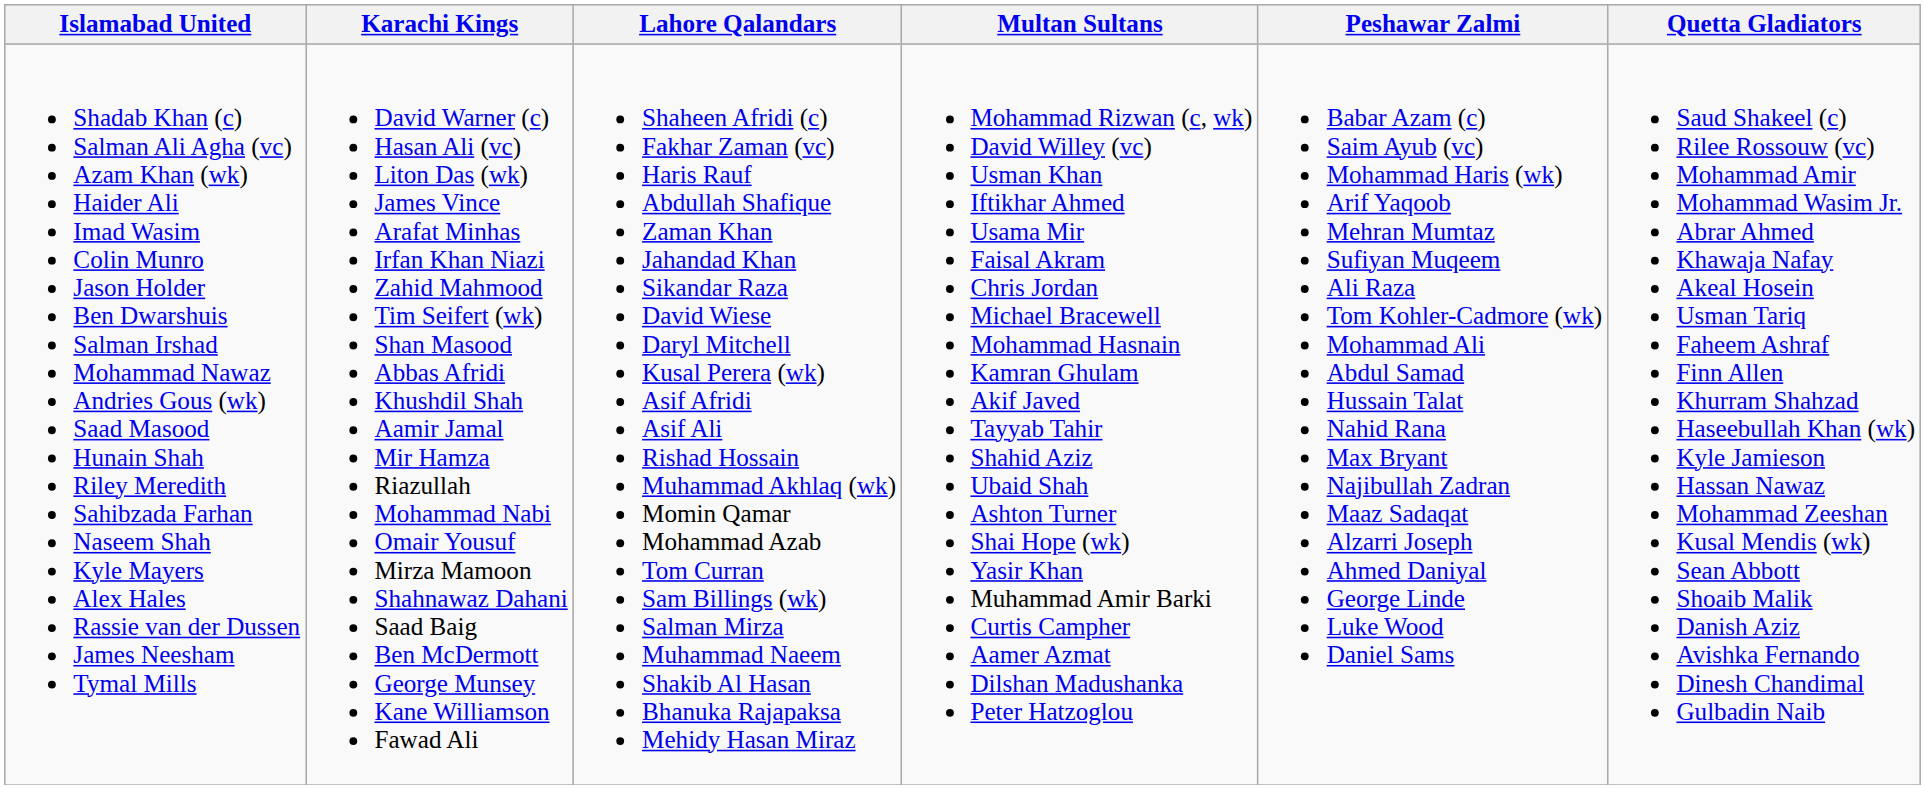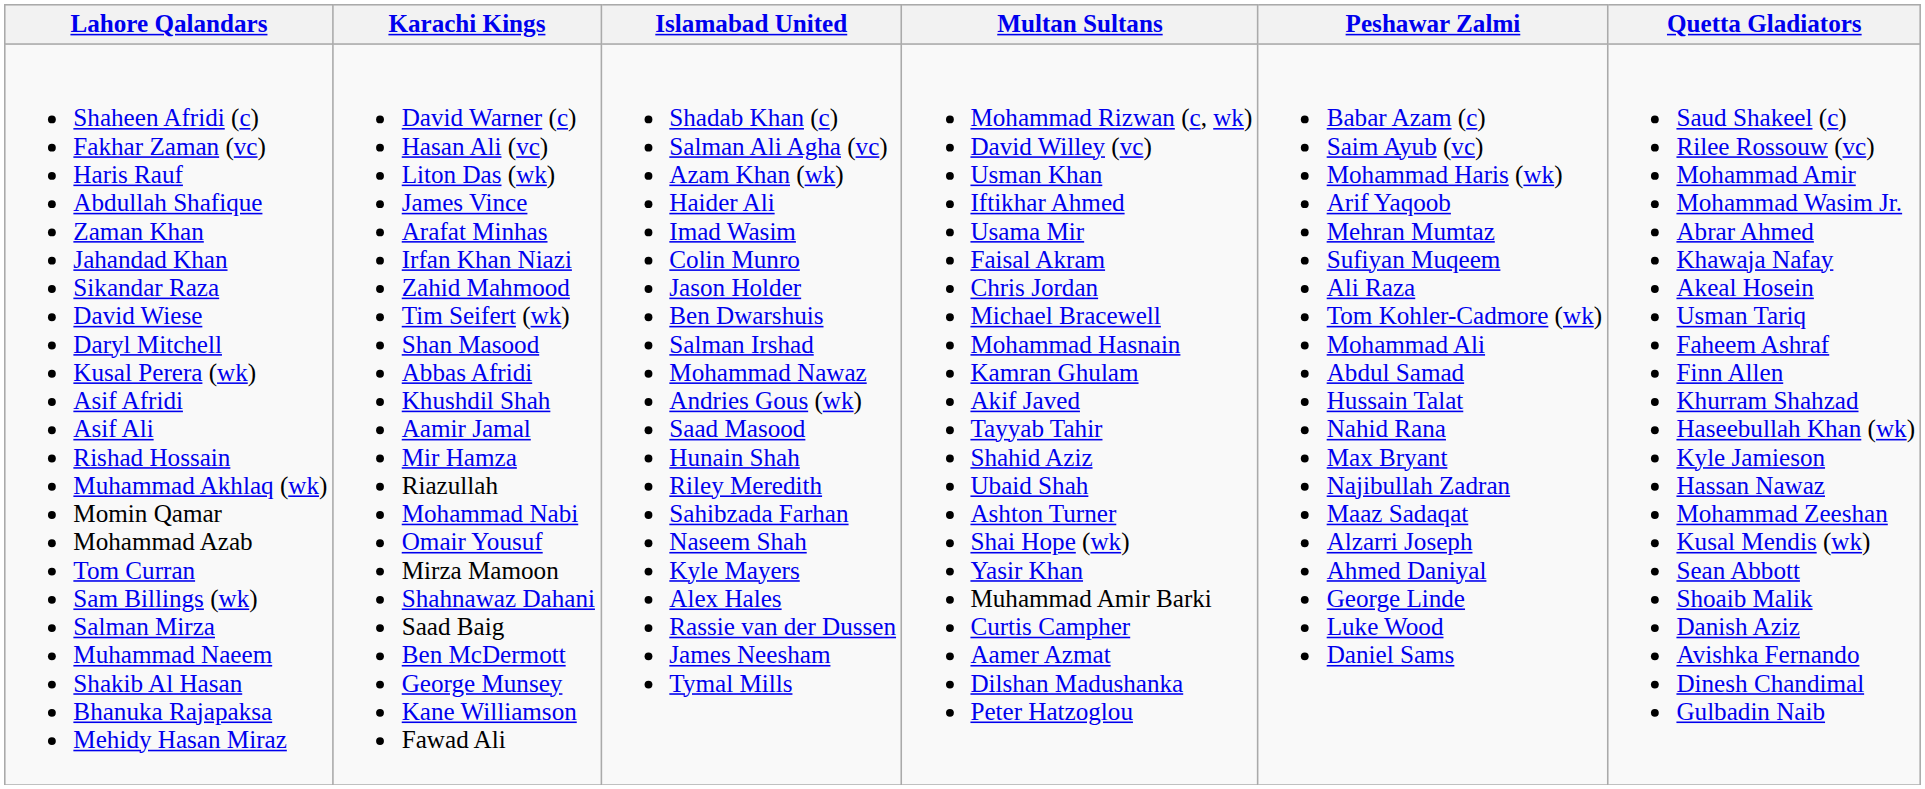 <table class="wikitable">
 <tr>
+<th><a href='#'>Lahore Qalandars</a></th>
+<th><a href='#'>Karachi Kings</a></th>
 <th><a href='#'>Islamabad United</a></th>
-<th><a href='#'>Karachi Kings</a></th>
-<th><a href='#'>Lahore Qalandars</a></th>
 <th><a href='#'>Multan Sultans</a></th>
 <th><a href='#'>Peshawar Zalmi</a></th>
 <th><a href='#'>Quetta Gladiators</a></th>
 </tr>
 <tr>
+<td valign=top><br><ul><li><a href='#'>Shaheen Afridi</a> (<a href='#'>c</a>)</li><li><a href='#'>Fakhar Zaman</a> (<a href='#'>vc</a>)</li><li><a href='#'>Haris Rauf</a></li><li><a href='#'>Abdullah Shafique</a></li><li><a href='#'>Zaman Khan</a></li><li><a href='#'>Jahandad Khan</a></li><li><a href='#'>Sikandar Raza</a></li><li><a href='#'>David Wiese</a></li><li><a href='#'>Daryl Mitchell</a></li><li><a href='#'>Kusal Perera</a> (<a href='#'>wk</a>)</li><li><a href='#'>Asif Afridi</a></li><li><a href='#'>Asif Ali</a></li><li><a href='#'>Rishad Hossain</a></li><li><a href='#'>Muhammad Akhlaq</a> (<a href='#'>wk</a>)</li><li>Momin Qamar</li><li>Mohammad Azab</li><li><a href='#'>Tom Curran</a></li><li><a href='#'>Sam Billings</a> (<a href='#'>wk</a>)</li><li><a href='#'>Salman Mirza</a></li><li><a href='#'>Muhammad Naeem</a></li><li><a href='#'>Shakib Al Hasan</a></li><li><a href='#'>Bhanuka Rajapaksa</a></li><li><a href='#'>Mehidy Hasan Miraz</a></li></ul></td>
+<td valign=top><br><ul><li><a href='#'>David Warner</a> (<a href='#'>c</a>)</li><li><a href='#'>Hasan Ali</a> (<a href='#'>vc</a>)</li><li><a href='#'>Liton Das</a> (<a href='#'>wk</a>)</li><li><a href='#'>James Vince</a></li><li><a href='#'>Arafat Minhas</a></li><li><a href='#'>Irfan Khan Niazi</a></li><li><a href='#'>Zahid Mahmood</a></li><li><a href='#'>Tim Seifert</a> (<a href='#'>wk</a>)</li><li><a href='#'>Shan Masood</a></li><li><a href='#'>Abbas Afridi</a></li><li><a href='#'>Khushdil Shah</a></li><li><a href='#'>Aamir Jamal</a></li><li><a href='#'>Mir Hamza</a></li><li>Riazullah</li><li><a href='#'>Mohammad Nabi</a></li><li><a href='#'>Omair Yousuf</a></li><li>Mirza Mamoon</li><li><a href='#'>Shahnawaz Dahani</a></li><li>Saad Baig</li><li><a href='#'>Ben McDermott</a></li><li><a href='#'>George Munsey</a></li><li><a href='#'>Kane Williamson</a></li><li>Fawad Ali</li></ul></td>
 <td valign=top><br><ul><li><a href='#'>Shadab Khan</a> (<a href='#'>c</a>)</li><li><a href='#'>Salman Ali Agha</a> (<a href='#'>vc</a>)</li><li><a href='#'>Azam Khan</a> (<a href='#'>wk</a>)</li><li><a href='#'>Haider Ali</a></li><li><a href='#'>Imad Wasim</a></li><li><a href='#'>Colin Munro</a></li><li><a href='#'>Jason Holder</a></li><li><a href='#'>Ben Dwarshuis</a></li><li><a href='#'>Salman Irshad</a></li><li><a href='#'>Mohammad Nawaz</a></li><li><a href='#'>Andries Gous</a> (<a href='#'>wk</a>)</li><li><a href='#'>Saad Masood</a></li><li><a href='#'>Hunain Shah</a></li><li><a href='#'>Riley Meredith</a></li><li><a href='#'>Sahibzada Farhan</a></li><li><a href='#'>Naseem Shah</a></li><li><a href='#'>Kyle Mayers</a></li><li><a href='#'>Alex Hales</a></li><li><a href='#'>Rassie van der Dussen</a></li><li><a href='#'>James Neesham</a></li><li><a href='#'>Tymal Mills</a></li></ul></td>
-<td valign=top><br><ul><li><a href='#'>David Warner</a> (<a href='#'>c</a>)</li><li><a href='#'>Hasan Ali</a> (<a href='#'>vc</a>)</li><li><a href='#'>Liton Das</a> (<a href='#'>wk</a>)</li><li><a href='#'>James Vince</a></li><li><a href='#'>Arafat Minhas</a></li><li><a href='#'>Irfan Khan Niazi</a></li><li><a href='#'>Zahid Mahmood</a></li><li><a href='#'>Tim Seifert</a> (<a href='#'>wk</a>)</li><li><a href='#'>Shan Masood</a></li><li><a href='#'>Abbas Afridi</a></li><li><a href='#'>Khushdil Shah</a></li><li><a href='#'>Aamir Jamal</a></li><li><a href='#'>Mir Hamza</a></li><li>Riazullah</li><li><a href='#'>Mohammad Nabi</a></li><li><a href='#'>Omair Yousuf</a></li><li>Mirza Mamoon</li><li><a href='#'>Shahnawaz Dahani</a></li><li>Saad Baig</li><li><a href='#'>Ben McDermott</a></li><li><a href='#'>George Munsey</a></li><li><a href='#'>Kane Williamson</a></li><li>Fawad Ali</li></ul></td>
-<td valign=top><br><ul><li><a href='#'>Shaheen Afridi</a> (<a href='#'>c</a>)</li><li><a href='#'>Fakhar Zaman</a> (<a href='#'>vc</a>)</li><li><a href='#'>Haris Rauf</a></li><li><a href='#'>Abdullah Shafique</a></li><li><a href='#'>Zaman Khan</a></li><li><a href='#'>Jahandad Khan</a></li><li><a href='#'>Sikandar Raza</a></li><li><a href='#'>David Wiese</a></li><li><a href='#'>Daryl Mitchell</a></li><li><a href='#'>Kusal Perera</a> (<a href='#'>wk</a>)</li><li><a href='#'>Asif Afridi</a></li><li><a href='#'>Asif Ali</a></li><li><a href='#'>Rishad Hossain</a></li><li><a href='#'>Muhammad Akhlaq</a> (<a href='#'>wk</a>)</li><li>Momin Qamar</li><li>Mohammad Azab</li><li><a href='#'>Tom Curran</a></li><li><a href='#'>Sam Billings</a> (<a href='#'>wk</a>)</li><li><a href='#'>Salman Mirza</a></li><li><a href='#'>Muhammad Naeem</a></li><li><a href='#'>Shakib Al Hasan</a></li><li><a href='#'>Bhanuka Rajapaksa</a></li><li><a href='#'>Mehidy Hasan Miraz</a></li></ul></td>
 <td valign=top><br><ul><li><a href='#'>Mohammad Rizwan</a> (<a href='#'>c</a>, <a href='#'>wk</a>)</li><li><a href='#'>David Willey</a> (<a href='#'>vc</a>)</li><li><a href='#'>Usman Khan</a></li><li><a href='#'>Iftikhar Ahmed</a></li><li><a href='#'>Usama Mir</a></li><li><a href='#'>Faisal Akram</a></li><li><a href='#'>Chris Jordan</a></li><li><a href='#'>Michael Bracewell</a></li><li><a href='#'>Mohammad Hasnain</a></li><li><a href='#'>Kamran Ghulam</a></li><li><a href='#'>Akif Javed</a></li><li><a href='#'>Tayyab Tahir</a></li><li><a href='#'>Shahid Aziz</a></li><li><a href='#'>Ubaid Shah</a></li><li><a href='#'>Ashton Turner</a></li><li><a href='#'>Shai Hope</a> (<a href='#'>wk</a>)</li><li><a href='#'>Yasir Khan</a></li><li>Muhammad Amir Barki</li><li><a href='#'>Curtis Campher</a></li><li><a href='#'>Aamer Azmat</a></li><li><a href='#'>Dilshan Madushanka</a></li><li><a href='#'>Peter Hatzoglou</a></li></ul></td>
 <td valign=top><br><ul><li><a href='#'>Babar Azam</a> (<a href='#'>c</a>)</li><li><a href='#'>Saim Ayub</a> (<a href='#'>vc</a>)</li><li><a href='#'>Mohammad Haris</a> (<a href='#'>wk</a>)</li><li><a href='#'>Arif Yaqoob</a></li><li><a href='#'>Mehran Mumtaz</a></li><li><a href='#'>Sufiyan Muqeem</a></li><li><a href='#'>Ali Raza</a></li><li><a href='#'>Tom Kohler-Cadmore</a> (<a href='#'>wk</a>)</li><li><a href='#'>Mohammad Ali</a></li><li><a href='#'>Abdul Samad</a></li><li><a href='#'>Hussain Talat</a></li><li><a href='#'>Nahid Rana</a></li><li><a href='#'>Max Bryant</a></li><li><a href='#'>Najibullah Zadran</a></li><li><a href='#'>Maaz Sadaqat</a></li><li><a href='#'>Alzarri Joseph</a></li><li><a href='#'>Ahmed Daniyal</a></li><li><a href='#'>George Linde</a></li><li><a href='#'>Luke Wood</a></li><li><a href='#'>Daniel Sams</a></li></ul></td>
 <td valign=top><br><ul><li><a href='#'>Saud Shakeel</a> (<a href='#'>c</a>)</li><li><a href='#'>Rilee Rossouw</a> (<a href='#'>vc</a>)</li><li><a href='#'>Mohammad Amir</a></li><li><a href='#'>Mohammad Wasim Jr.</a></li><li><a href='#'>Abrar Ahmed</a></li><li><a href='#'>Khawaja Nafay</a></li><li><a href='#'>Akeal Hosein</a></li><li><a href='#'>Usman Tariq</a></li><li><a href='#'>Faheem Ashraf</a></li><li><a href='#'>Finn Allen</a></li><li><a href='#'>Khurram Shahzad</a></li><li><a href='#'>Haseebullah Khan</a> (<a href='#'>wk</a>)</li><li><a href='#'>Kyle Jamieson</a></li><li><a href='#'>Hassan Nawaz</a></li><li><a href='#'>Mohammad Zeeshan</a></li><li><a href='#'>Kusal Mendis</a> (<a href='#'>wk</a>)</li><li><a href='#'>Sean Abbott</a></li><li><a href='#'>Shoaib Malik</a></li><li><a href='#'>Danish Aziz</a></li><li><a href='#'>Avishka Fernando</a></li><li><a href='#'>Dinesh Chandimal</a></li><li><a href='#'>Gulbadin Naib</a></li></ul></td>
 </tr>
 </table>
